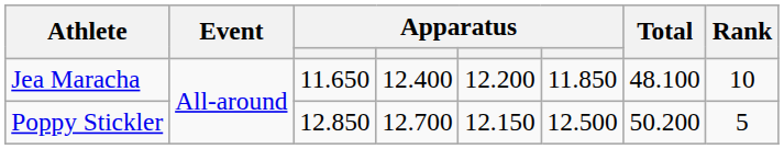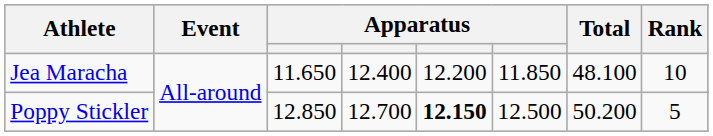 <table class=wikitable style=font-size:90%;text-align:center>
 <tr>
 <th rowspan=2>Athlete</th>
 <th rowspan=2>Event</th>
 <th colspan=4>Apparatus</th>
 <th rowspan=2>Total</th>
 <th rowspan=2>Rank</th>
 </tr>
 <tr style=font-size:95%>
 <th></th>
 <th></th>
 <th></th>
 <th></th>
 </tr>
 <tr>
 <td align=left><a href='#'>Jea Maracha</a></td>
 <td align=left rowspan=2><a href='#'>All-around</a></td>
 <td>11.650</td>
 <td>12.400</td>
 <td>12.200</td>
 <td>11.850</td>
 <td>48.100</td>
 <td>10</td>
 </tr>
 <tr>
 <td align=left><a href='#'>Poppy Stickler</a></td>
 <td>12.850</td>
 <td>12.700</td>
-<td>12.150</td>
+<td><strong>12.150</strong></td>
 <td>12.500</td>
 <td>50.200</td>
 <td>5</td>
 </tr>
 </table>
